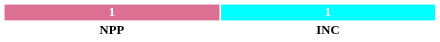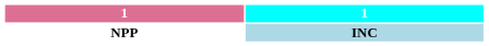 <table style="width:88%; text-align:center;">
 <tr style="color:white;">
 <td style="background:#db7093; width:50%;"><strong>1</strong></td>
 <td style="background:aqua; width:50%;"><strong>1</strong></td>
 </tr>
 <tr>
 <td><span><strong>NPP</strong></span></td>
-<td><span><strong>INC</strong></span></td>
+<td style="background: lightblue;"><span><strong>INC</strong></span></td>
 </tr>
 </table>
